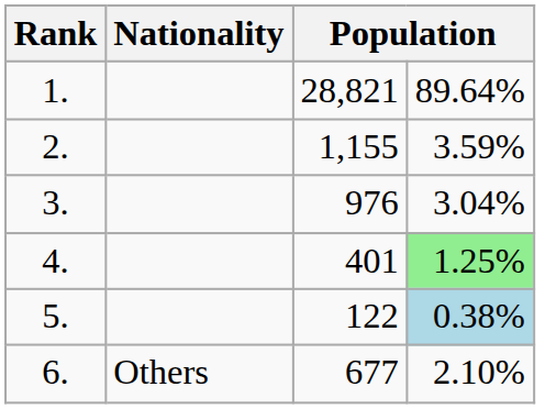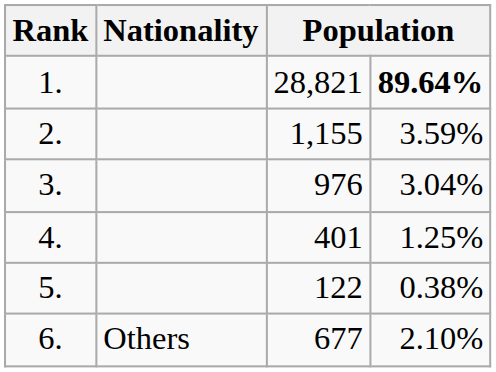 <table class="wikitable">
 <tr>
 <th>Rank</th>
 <th>Nationality</th>
 <th colspan=2 style="text-align: center;">Population</th>
 </tr>
 <tr>
 <td style="text-align: center;">1.</td>
 <td></td>
 <td style="text-align: right;">28,821</td>
-<td style="text-align: right;">89.64%</td>
+<td style="text-align: right;"><strong>89.64%</strong></td>
 </tr>
 <tr>
 <td style="text-align: center;">2.</td>
 <td></td>
 <td style="text-align: right;">1,155</td>
 <td style="text-align: right;">3.59%</td>
 </tr>
 <tr>
 <td style="text-align: center;">3.</td>
 <td></td>
 <td style="text-align: right;">976</td>
 <td style="text-align: right;">3.04%</td>
 </tr>
 <tr>
 <td style="text-align: center;">4.</td>
 <td></td>
 <td style="text-align: right;">401</td>
-<td style="background: lightgreen; text-align: right;">1.25%</td>
+<td style="text-align: right;">1.25%</td>
 </tr>
 <tr>
 <td style="text-align: center;">5.</td>
 <td></td>
 <td style="text-align: right;">122</td>
-<td style="background: lightblue; text-align: right;">0.38%</td>
+<td style="text-align: right;">0.38%</td>
 </tr>
 <tr>
 <td style="text-align: center;">6.</td>
 <td>Others</td>
 <td style="text-align: right;">677</td>
 <td style="text-align: right;">2.10%</td>
 </tr>
 </table>
